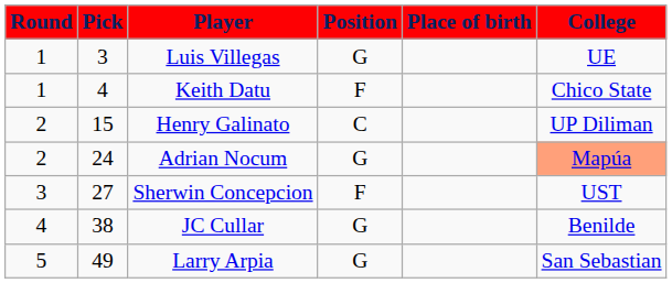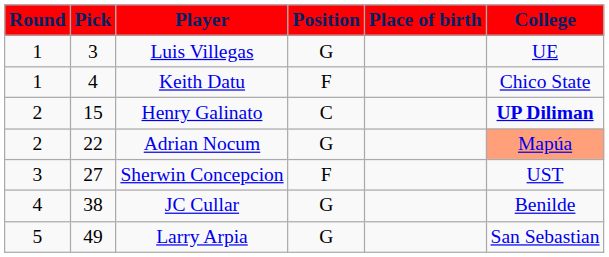 <table class="wikitable sortable sortable" style="text-align:center">
 <tr>
 <th style="background:#FE0003; color:#002366; ">Round</th>
 <th style="background:#FE0003; color:#002366; ">Pick</th>
 <th style="background:#FE0003; color:#002366; ">Player</th>
 <th style="background:#FE0003; color:#002366; ">Position</th>
 <th style="background:#FE0003; color:#002366; ">Place of birth</th>
 <th style="background:#FE0003; color:#002366; ">College</th>
 </tr>
 <tr>
 <td>1</td>
 <td>3</td>
 <td><a href='#'>Luis Villegas</a></td>
 <td>G</td>
 <td></td>
 <td><a href='#'>UE</a></td>
 </tr>
 <tr>
 <td>1</td>
 <td>4</td>
 <td><a href='#'>Keith Datu</a></td>
 <td>F</td>
 <td></td>
 <td><a href='#'>Chico State</a></td>
 </tr>
 <tr>
 <td>2</td>
 <td>15</td>
 <td><a href='#'>Henry Galinato</a></td>
 <td>C</td>
 <td></td>
-<td><a href='#'>UP Diliman</a></td>
+<td><strong><a href='#'>UP Diliman</a></strong></td>
 </tr>
 <tr>
 <td>2</td>
-<td>24</td>
+<td>22</td>
 <td><a href='#'>Adrian Nocum</a></td>
 <td>G</td>
 <td></td>
 <td style="background: lightsalmon;"><a href='#'>Mapúa</a></td>
 </tr>
 <tr>
 <td>3</td>
 <td>27</td>
 <td><a href='#'>Sherwin Concepcion</a></td>
 <td>F</td>
 <td></td>
 <td><a href='#'>UST</a></td>
 </tr>
 <tr>
 <td>4</td>
 <td>38</td>
 <td><a href='#'>JC Cullar</a></td>
 <td>G</td>
 <td></td>
 <td><a href='#'>Benilde</a></td>
 </tr>
 <tr>
 <td>5</td>
 <td>49</td>
 <td><a href='#'>Larry Arpia</a></td>
 <td>G</td>
 <td></td>
 <td><a href='#'>San Sebastian</a></td>
 </tr>
 </table>
